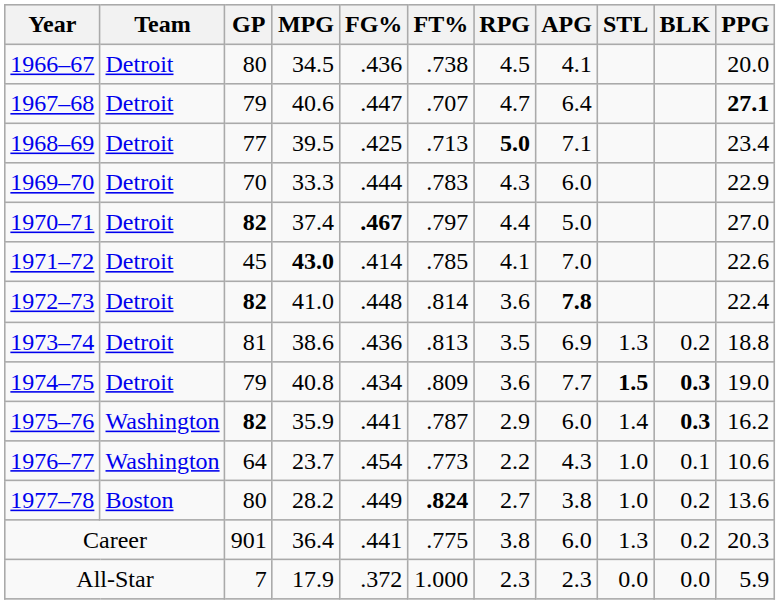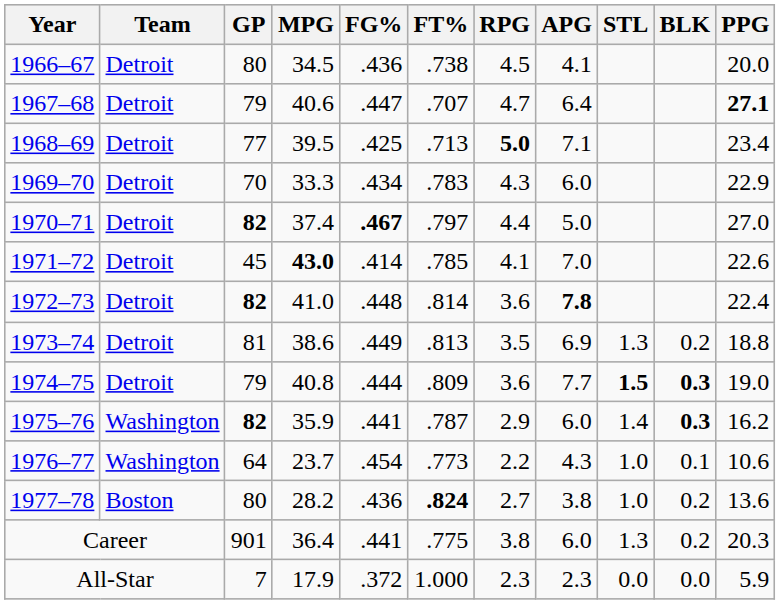 <table class="wikitable sortable" style="font-size:95%; text-align:right;">
 <tr>
 <th>Year</th>
 <th>Team</th>
 <th>GP</th>
 <th>MPG</th>
 <th>FG%</th>
 <th>FT%</th>
 <th>RPG</th>
 <th>APG</th>
 <th>STL</th>
 <th>BLK</th>
 <th>PPG</th>
 </tr>
 <tr>
 <td style="text-align:left;"><a href='#'>1966–67</a></td>
 <td style="text-align:left;"><a href='#'>Detroit</a></td>
 <td>80</td>
 <td>34.5</td>
 <td>.436</td>
 <td>.738</td>
 <td>4.5</td>
 <td>4.1</td>
 <td></td>
 <td></td>
 <td>20.0</td>
 </tr>
 <tr>
 <td style="text-align:left;"><a href='#'>1967–68</a></td>
 <td style="text-align:left;"><a href='#'>Detroit</a></td>
 <td>79</td>
 <td>40.6</td>
 <td>.447</td>
 <td>.707</td>
 <td>4.7</td>
 <td>6.4</td>
 <td></td>
 <td></td>
 <td><strong>27.1</strong></td>
 </tr>
 <tr>
 <td style="text-align:left;"><a href='#'>1968–69</a></td>
 <td style="text-align:left;"><a href='#'>Detroit</a></td>
 <td>77</td>
 <td>39.5</td>
 <td>.425</td>
 <td>.713</td>
 <td><strong>5.0</strong></td>
 <td>7.1</td>
 <td></td>
 <td></td>
 <td>23.4</td>
 </tr>
 <tr>
 <td style="text-align:left;"><a href='#'>1969–70</a></td>
 <td style="text-align:left;"><a href='#'>Detroit</a></td>
 <td>70</td>
 <td>33.3</td>
-<td>.444</td>
+<td>.434</td>
 <td>.783</td>
 <td>4.3</td>
 <td>6.0</td>
 <td></td>
 <td></td>
 <td>22.9</td>
 </tr>
 <tr>
 <td style="text-align:left;"><a href='#'>1970–71</a></td>
 <td style="text-align:left;"><a href='#'>Detroit</a></td>
 <td><strong>82</strong></td>
 <td>37.4</td>
 <td><strong>.467</strong></td>
 <td>.797</td>
 <td>4.4</td>
 <td>5.0</td>
 <td></td>
 <td></td>
 <td>27.0</td>
 </tr>
 <tr>
 <td style="text-align:left;"><a href='#'>1971–72</a></td>
 <td style="text-align:left;"><a href='#'>Detroit</a></td>
 <td>45</td>
 <td><strong>43.0</strong></td>
 <td>.414</td>
 <td>.785</td>
 <td>4.1</td>
 <td>7.0</td>
 <td></td>
 <td></td>
 <td>22.6</td>
 </tr>
 <tr>
 <td style="text-align:left;"><a href='#'>1972–73</a></td>
 <td style="text-align:left;"><a href='#'>Detroit</a></td>
 <td><strong>82</strong></td>
 <td>41.0</td>
 <td>.448</td>
 <td>.814</td>
 <td>3.6</td>
 <td><strong>7.8</strong></td>
 <td></td>
 <td></td>
 <td>22.4</td>
 </tr>
 <tr>
 <td style="text-align:left;"><a href='#'>1973–74</a></td>
 <td style="text-align:left;"><a href='#'>Detroit</a></td>
 <td>81</td>
 <td>38.6</td>
-<td>.436</td>
+<td>.449</td>
 <td>.813</td>
 <td>3.5</td>
 <td>6.9</td>
 <td>1.3</td>
 <td>0.2</td>
 <td>18.8</td>
 </tr>
 <tr>
 <td style="text-align:left;"><a href='#'>1974–75</a></td>
 <td style="text-align:left;"><a href='#'>Detroit</a></td>
 <td>79</td>
 <td>40.8</td>
-<td>.434</td>
+<td>.444</td>
 <td>.809</td>
 <td>3.6</td>
 <td>7.7</td>
 <td><strong>1.5</strong></td>
 <td><strong>0.3</strong></td>
 <td>19.0</td>
 </tr>
 <tr>
 <td style="text-align:left;"><a href='#'>1975–76</a></td>
 <td style="text-align:left;"><a href='#'>Washington</a></td>
 <td><strong>82</strong></td>
 <td>35.9</td>
 <td>.441</td>
 <td>.787</td>
 <td>2.9</td>
 <td>6.0</td>
 <td>1.4</td>
 <td><strong>0.3</strong></td>
 <td>16.2</td>
 </tr>
 <tr>
 <td style="text-align:left;"><a href='#'>1976–77</a></td>
 <td style="text-align:left;"><a href='#'>Washington</a></td>
 <td>64</td>
 <td>23.7</td>
 <td>.454</td>
 <td>.773</td>
 <td>2.2</td>
 <td>4.3</td>
 <td>1.0</td>
 <td>0.1</td>
 <td>10.6</td>
 </tr>
 <tr>
 <td style="text-align:left;"><a href='#'>1977–78</a></td>
 <td style="text-align:left;"><a href='#'>Boston</a></td>
 <td>80</td>
 <td>28.2</td>
-<td>.449</td>
+<td>.436</td>
 <td><strong>.824</strong></td>
 <td>2.7</td>
 <td>3.8</td>
 <td>1.0</td>
 <td>0.2</td>
 <td>13.6</td>
 </tr>
 <tr class="sortbottom">
 <td colspan="2" style="text-align:center;">Career</td>
 <td>901</td>
 <td>36.4</td>
 <td>.441</td>
 <td>.775</td>
 <td>3.8</td>
 <td>6.0</td>
 <td>1.3</td>
 <td>0.2</td>
 <td>20.3</td>
 </tr>
 <tr class="sortbottom">
 <td colspan="2" style="text-align:center;">All-Star</td>
 <td>7</td>
 <td>17.9</td>
 <td>.372</td>
 <td>1.000</td>
 <td>2.3</td>
 <td>2.3</td>
 <td>0.0</td>
 <td>0.0</td>
 <td>5.9</td>
 </tr>
 </table>
